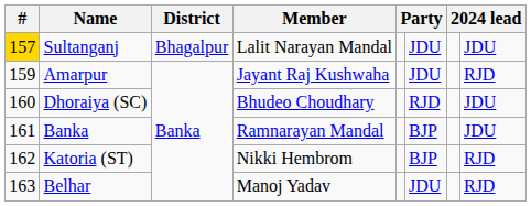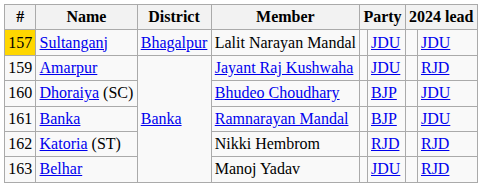 <table class="wikitable">
 <tr>
 <th>#</th>
 <th>Name</th>
 <th>District</th>
 <th>Member</th>
 <th colspan="2">Party</th>
 <th colspan="2">2024 lead</th>
 </tr>
 <tr>
 </tr>
 <tr>
 <td style="background: gold;">157</td>
 <td><a href='#'>Sultanganj</a></td>
 <td><a href='#'>Bhagalpur</a></td>
 <td>Lalit Narayan Mandal</td>
 <td style="background-color: "></td>
 <td><a href='#'>JDU</a></td>
 <td style="background-color: "></td>
 <td><a href='#'>JDU</a></td>
 </tr>
 <tr>
 <td>159</td>
 <td><a href='#'>Amarpur</a></td>
 <td rowspan="5"><a href='#'>Banka</a></td>
 <td><a href='#'>Jayant Raj Kushwaha</a></td>
 <td style="background-color: "></td>
 <td><a href='#'>JDU</a></td>
 <td style="background-color: "></td>
 <td><a href='#'>RJD</a></td>
 </tr>
 <tr>
 <td>160</td>
 <td><a href='#'>Dhoraiya</a> (SC)</td>
 <td><a href='#'>Bhudeo Choudhary</a></td>
 <td style="background-color: "></td>
-<td><a href='#'>RJD</a></td>
+<td><a href='#'>BJP</a></td>
 <td style="background-color: "></td>
 <td><a href='#'>JDU</a></td>
 </tr>
 <tr>
 <td>161</td>
 <td><a href='#'>Banka</a></td>
 <td><a href='#'>Ramnarayan Mandal</a></td>
 <td style="background-color: "></td>
 <td><a href='#'>BJP</a></td>
 <td style="background-color: "></td>
 <td><a href='#'>JDU</a></td>
 </tr>
 <tr>
 <td>162</td>
 <td><a href='#'>Katoria</a> (ST)</td>
 <td>Nikki Hembrom</td>
 <td style="background-color: "></td>
-<td><a href='#'>BJP</a></td>
+<td><a href='#'>RJD</a></td>
 <td style="background-color: "></td>
 <td><a href='#'>RJD</a></td>
 </tr>
 <tr>
 <td>163</td>
 <td><a href='#'>Belhar</a></td>
 <td>Manoj Yadav</td>
 <td style="background-color: "></td>
 <td><a href='#'>JDU</a></td>
 <td style="background-color: "></td>
 <td><a href='#'>RJD</a></td>
 </tr>
 <tr>
 </tr>
 </table>
